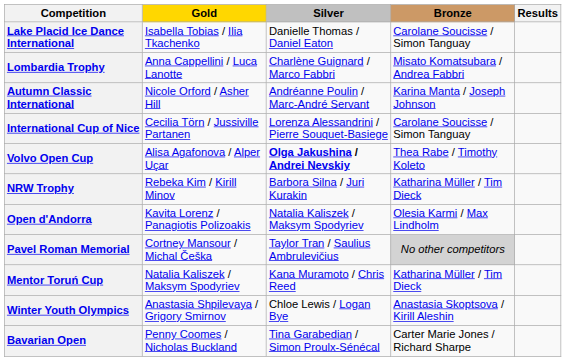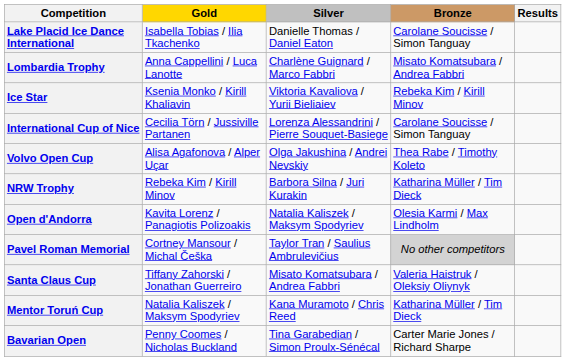 <table class="wikitable unsortable" style="text-align:left; width:90%;">
 <tr>
 <th scope="col" style="text-align:center; width:25%;">Competition</th>
 <td scope="col" style="text-align:center; width:22.5%; background:gold"><strong>Gold</strong></td>
 <td scope="col" style="text-align:center; width:22.5%; background:silver"><strong>Silver</strong></td>
 <td scope="col" style="text-align:center; width:22.5%; background:#c96"><strong>Bronze</strong></td>
 <th scope="col" style="text-align:center; width:7.5%;">Results</th>
 </tr>
 <tr>
 <th scope="row" style="text-align:left"> <a href='#'>Lake Placid Ice Dance International</a></th>
 <td> <a href='#'>Isabella Tobias</a> / <a href='#'>Ilia Tkachenko</a></td>
 <td> Danielle Thomas / <a href='#'>Daniel Eaton</a></td>
 <td> <a href='#'>Carolane Soucisse</a> / Simon Tanguay</td>
 <td></td>
 </tr>
 <tr>
 <th scope="row" style="text-align:left"> <a href='#'>Lombardia Trophy</a></th>
 <td> <a href='#'>Anna Cappellini</a> / <a href='#'>Luca Lanotte</a></td>
 <td> <a href='#'>Charlène Guignard</a> / <a href='#'>Marco Fabbri</a></td>
 <td> <a href='#'>Misato Komatsubara</a> / <a href='#'>Andrea Fabbri</a></td>
 <td></td>
 </tr>
 <tr>
-<th scope="row" style="text-align:left"> <a href='#'>Autumn Classic International</a></th>
-<td> <a href='#'>Nicole Orford</a> / <a href='#'>Asher Hill</a></td>
-<td> <a href='#'>Andréanne Poulin</a> / <a href='#'>Marc-André Servant</a></td>
-<td> <a href='#'>Karina Manta</a> / <a href='#'>Joseph Johnson</a></td>
+<th scope="row" style="text-align:left"> <a href='#'>Ice Star</a></th>
+<td> <a href='#'>Ksenia Monko</a> / <a href='#'>Kirill Khaliavin</a></td>
+<td> <a href='#'>Viktoria Kavaliova</a> / <a href='#'>Yurii Bieliaiev</a></td>
+<td> <a href='#'>Rebeka Kim</a> / <a href='#'>Kirill Minov</a></td>
 <td></td>
 </tr>
 <tr>
 <th scope="row" style="text-align:left"> <a href='#'>International Cup of Nice</a></th>
 <td> <a href='#'>Cecilia Törn</a> / <a href='#'>Jussiville Partanen</a></td>
 <td> <a href='#'>Lorenza Alessandrini</a> / <a href='#'>Pierre Souquet-Basiege</a></td>
 <td> <a href='#'>Carolane Soucisse</a> / Simon Tanguay</td>
 <td></td>
 </tr>
 <tr>
 <th scope="row" style="text-align:left"> <a href='#'>Volvo Open Cup</a></th>
 <td> <a href='#'>Alisa Agafonova</a> / <a href='#'>Alper Uçar</a></td>
-<td><strong> <a href='#'>Olga Jakushina</a> / <a href='#'>Andrei Nevskiy</a></strong></td>
+<td> <a href='#'>Olga Jakushina</a> / <a href='#'>Andrei Nevskiy</a></td>
 <td> <a href='#'>Thea Rabe</a> / <a href='#'>Timothy Koleto</a></td>
 <td></td>
 </tr>
 <tr>
 <th scope="row" style="text-align:left"> <a href='#'>NRW Trophy</a></th>
 <td> <a href='#'>Rebeka Kim</a> / <a href='#'>Kirill Minov</a></td>
 <td> <a href='#'>Barbora Silna</a> / <a href='#'>Juri Kurakin</a></td>
 <td> <a href='#'>Katharina Müller</a> / <a href='#'>Tim Dieck</a></td>
 <td></td>
 </tr>
 <tr>
 <th scope="row" style="text-align:left"> <a href='#'>Open d'Andorra</a></th>
 <td> <a href='#'>Kavita Lorenz</a> / <a href='#'>Panagiotis Polizoakis</a></td>
 <td> <a href='#'>Natalia Kaliszek</a> / <a href='#'>Maksym Spodyriev</a></td>
 <td> <a href='#'>Olesia Karmi</a> / <a href='#'>Max Lindholm</a></td>
 <td></td>
 </tr>
 <tr>
 <th scope="row" style="text-align:left"> <a href='#'>Pavel Roman Memorial</a></th>
 <td> <a href='#'>Cortney Mansour</a> / <a href='#'>Michal Češka</a></td>
 <td> <a href='#'>Taylor Tran</a> / <a href='#'>Saulius Ambrulevičius</a></td>
 <td align="center" bgcolor="lightgray"><em>No other competitors</em></td>
 <td></td>
 </tr>
 <tr>
+<th scope="row" style="text-align:left"> <a href='#'>Santa Claus Cup</a></th>
+<td> <a href='#'>Tiffany Zahorski</a> / <a href='#'>Jonathan Guerreiro</a></td>
+<td> <a href='#'>Misato Komatsubara</a> / <a href='#'>Andrea Fabbri</a></td>
+<td> <a href='#'>Valeria Haistruk</a> / <a href='#'>Oleksiy Oliynyk</a></td>
+<td></td>
+</tr>
+<tr>
 <th scope="row" style="text-align:left"> <a href='#'>Mentor Toruń Cup</a></th>
 <td> <a href='#'>Natalia Kaliszek</a> / <a href='#'>Maksym Spodyriev</a></td>
 <td> <a href='#'>Kana Muramoto</a> / <a href='#'>Chris Reed</a></td>
 <td> <a href='#'>Katharina Müller</a> / <a href='#'>Tim Dieck</a></td>
-<td></td>
-</tr>
-<tr>
-<th scope="row" style="text-align:left"> <a href='#'>Winter Youth Olympics</a></th>
-<td> <a href='#'>Anastasia Shpilevaya</a> / <a href='#'>Grigory Smirnov</a></td>
-<td> Chloe Lewis / <a href='#'>Logan Bye</a></td>
-<td> <a href='#'>Anastasia Skoptsova</a> / <a href='#'>Kirill Aleshin</a></td>
 <td></td>
 </tr>
 <tr>
 <th scope="row" style="text-align:left"> <a href='#'>Bavarian Open</a></th>
 <td> <a href='#'>Penny Coomes</a> / <a href='#'>Nicholas Buckland</a></td>
 <td> <a href='#'>Tina Garabedian</a> / <a href='#'>Simon Proulx-Sénécal</a></td>
 <td> Carter Marie Jones / Richard Sharpe</td>
 <td></td>
 </tr>
 </table>
